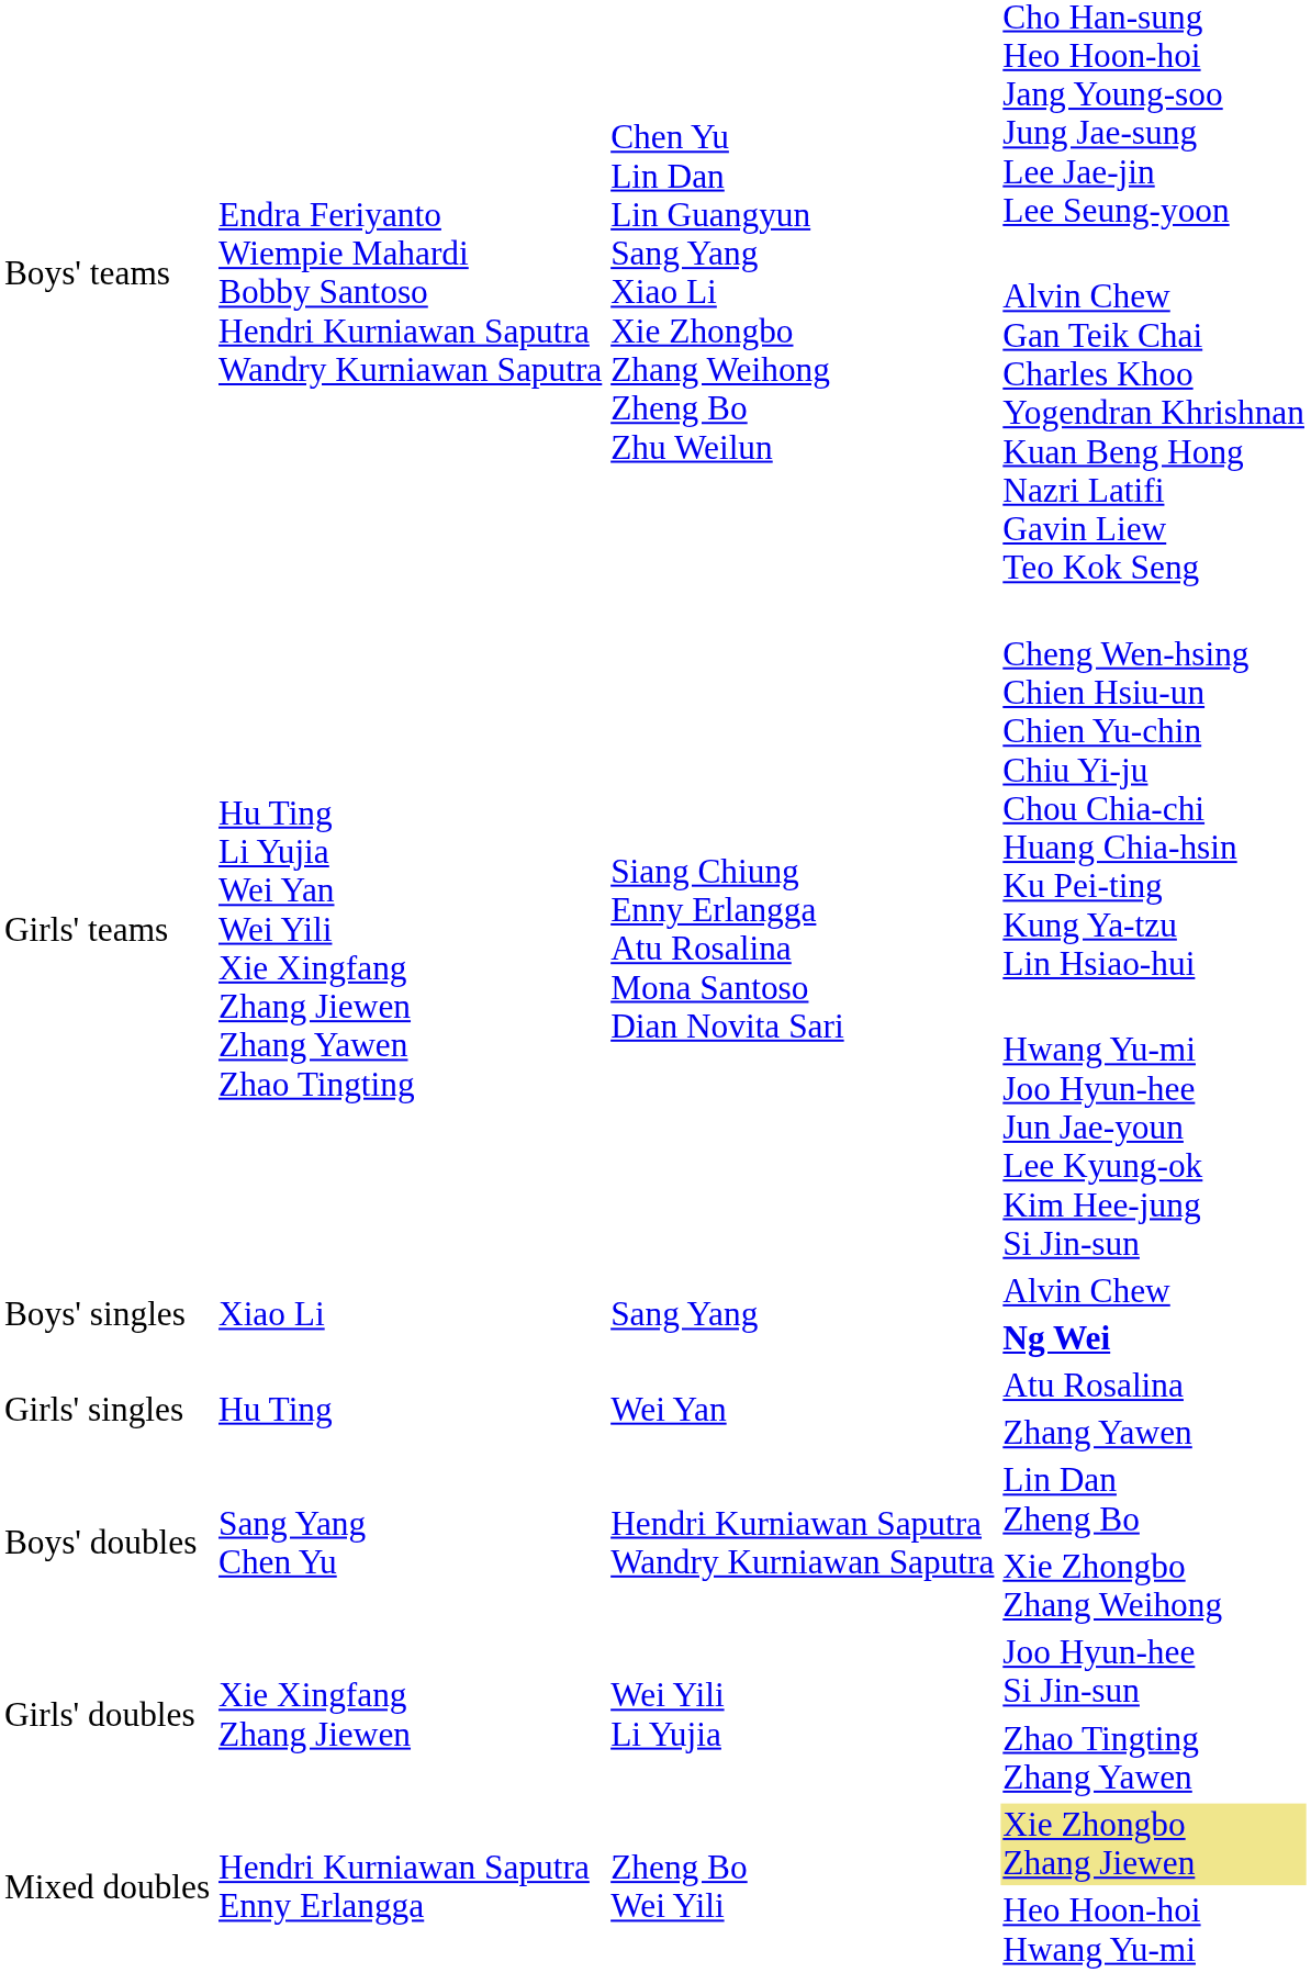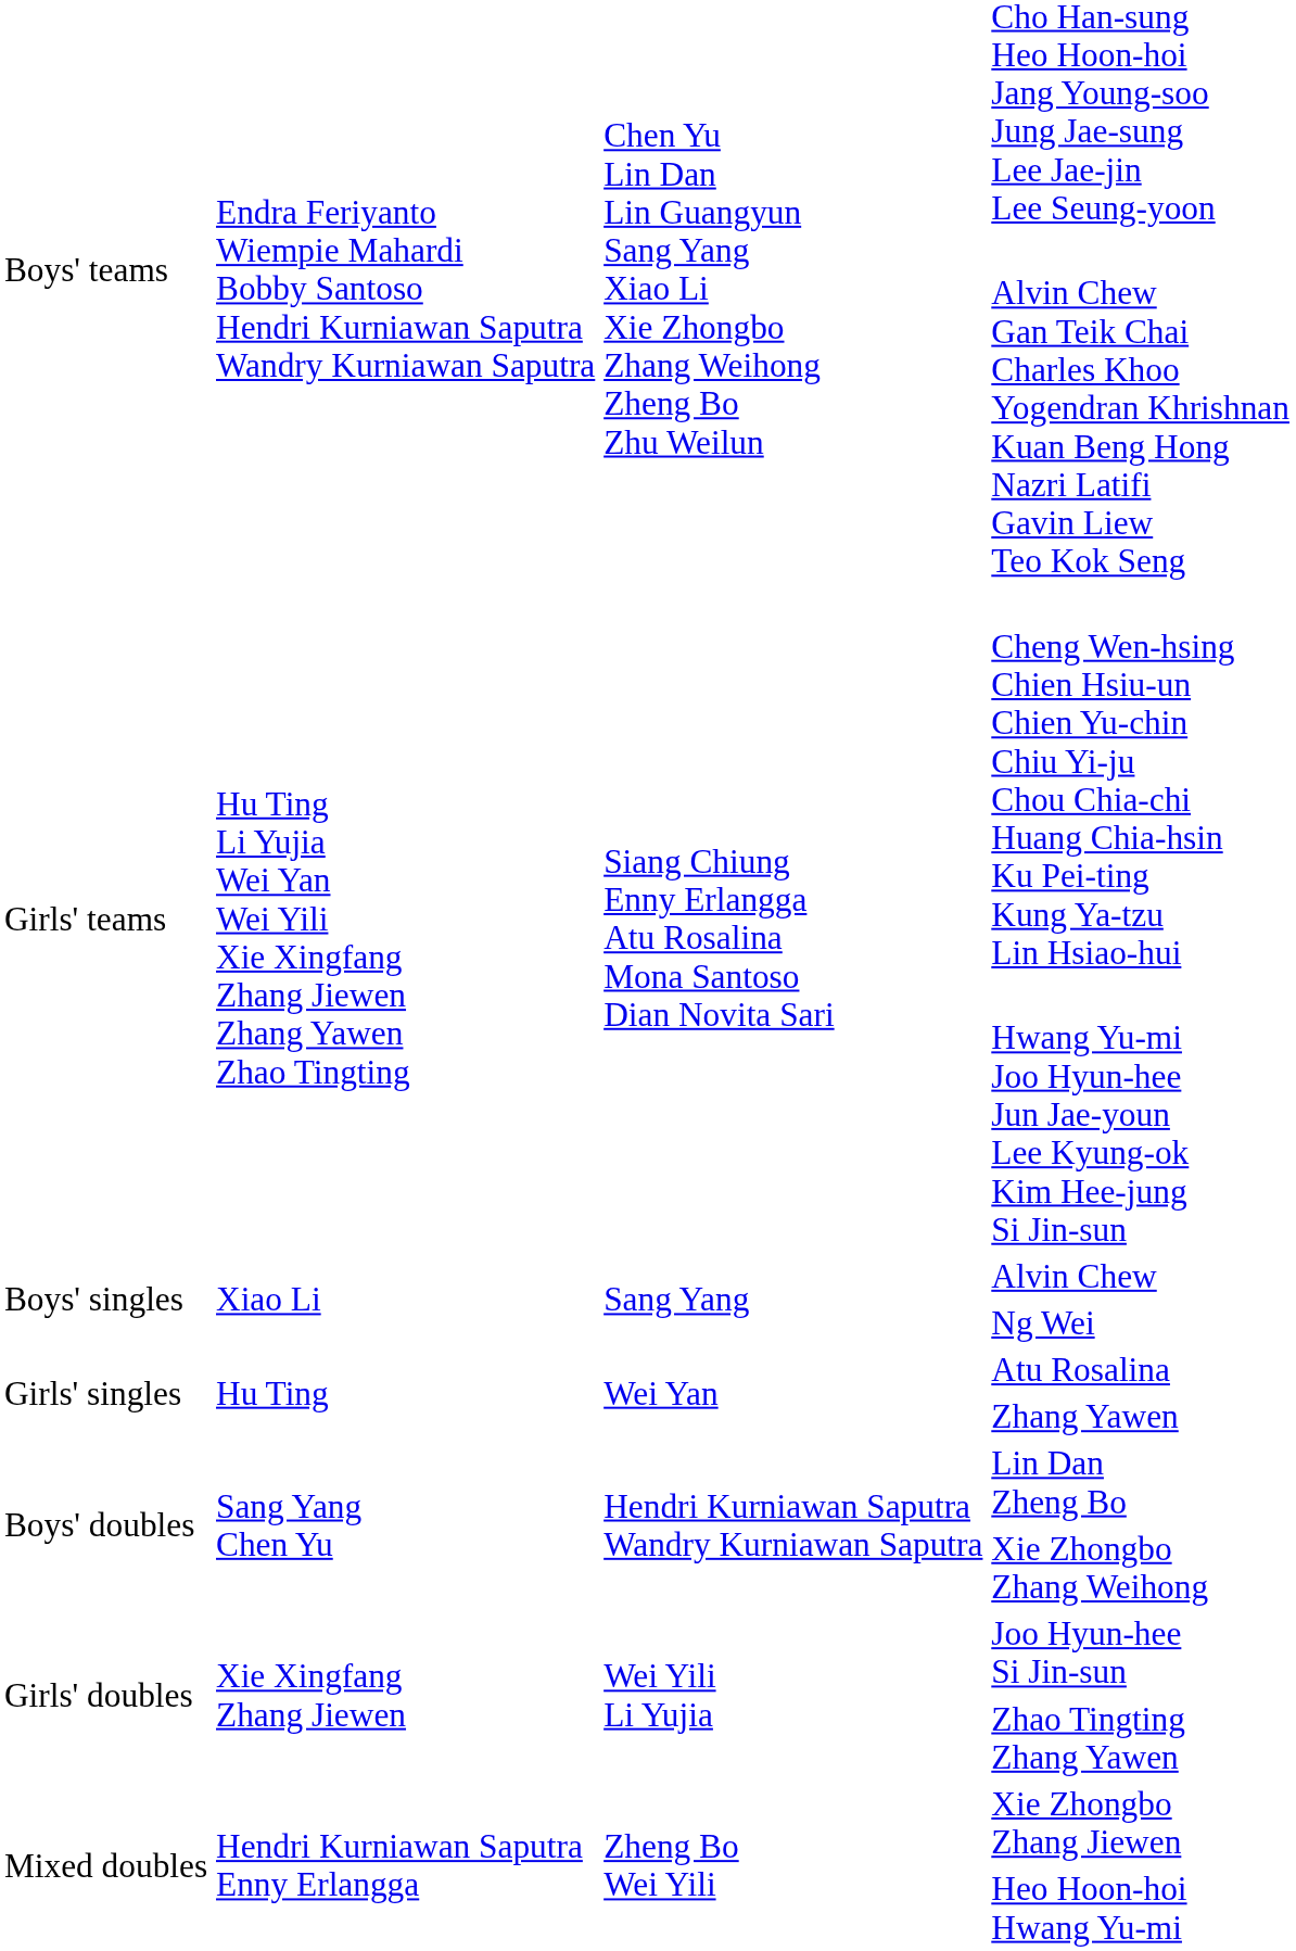 <table>
 <tr>
 <td rowspan=2>Boys' teams<br></td>
 <td rowspan=2><br><a href='#'>Endra Feriyanto</a><br><a href='#'>Wiempie Mahardi</a><br><a href='#'>Bobby Santoso</a><br><a href='#'>Hendri Kurniawan Saputra</a><br><a href='#'>Wandry Kurniawan Saputra</a></td>
 <td rowspan=2><br><a href='#'>Chen Yu</a><br><a href='#'>Lin Dan</a><br><a href='#'>Lin Guangyun</a><br><a href='#'>Sang Yang</a><br><a href='#'>Xiao Li</a><br><a href='#'>Xie Zhongbo</a><br><a href='#'>Zhang Weihong</a><br><a href='#'>Zheng Bo</a><br><a href='#'>Zhu Weilun</a></td>
 <td><br><a href='#'>Cho Han-sung</a><br><a href='#'>Heo Hoon-hoi</a><br><a href='#'>Jang Young-soo</a><br><a href='#'>Jung Jae-sung</a><br><a href='#'>Lee Jae-jin</a><br><a href='#'>Lee Seung-yoon</a></td>
 </tr>
 <tr>
 <td><br><a href='#'>Alvin Chew</a><br><a href='#'>Gan Teik Chai</a><br><a href='#'>Charles Khoo</a><br><a href='#'>Yogendran Khrishnan</a><br><a href='#'>Kuan Beng Hong</a><br><a href='#'>Nazri Latifi</a><br><a href='#'>Gavin Liew</a><br><a href='#'>Teo Kok Seng</a></td>
 </tr>
 <tr>
 <td rowspan=2>Girls' teams<br></td>
 <td rowspan=2><br><a href='#'>Hu Ting</a><br><a href='#'>Li Yujia</a><br><a href='#'>Wei Yan</a><br><a href='#'>Wei Yili</a><br><a href='#'>Xie Xingfang</a><br><a href='#'>Zhang Jiewen</a><br><a href='#'>Zhang Yawen</a><br><a href='#'>Zhao Tingting</a></td>
 <td rowspan=2><br><a href='#'>Siang Chiung</a><br><a href='#'>Enny Erlangga</a><br><a href='#'>Atu Rosalina</a><br><a href='#'>Mona Santoso</a><br><a href='#'>Dian Novita Sari</a></td>
 <td><br><a href='#'>Cheng Wen-hsing</a><br><a href='#'>Chien Hsiu-un</a><br><a href='#'>Chien Yu-chin</a><br><a href='#'>Chiu Yi-ju</a><br><a href='#'>Chou Chia-chi</a><br><a href='#'>Huang Chia-hsin</a><br><a href='#'>Ku Pei-ting</a><br><a href='#'>Kung Ya-tzu</a><br><a href='#'>Lin Hsiao-hui</a></td>
 </tr>
 <tr>
 <td><br><a href='#'>Hwang Yu-mi</a><br><a href='#'>Joo Hyun-hee</a><br><a href='#'>Jun Jae-youn</a><br><a href='#'>Lee Kyung-ok</a><br><a href='#'>Kim Hee-jung</a><br><a href='#'>Si Jin-sun</a></td>
 </tr>
 <tr>
 <td rowspan=2>Boys' singles</td>
 <td rowspan=2> <a href='#'>Xiao Li</a></td>
 <td rowspan=2> <a href='#'>Sang Yang</a></td>
 <td> <a href='#'>Alvin Chew</a></td>
 </tr>
 <tr>
-<td><strong> <a href='#'>Ng Wei</a></strong></td>
+<td> <a href='#'>Ng Wei</a></td>
 </tr>
 <tr>
 <td rowspan=2>Girls' singles</td>
 <td rowspan=2> <a href='#'>Hu Ting</a></td>
 <td rowspan=2> <a href='#'>Wei Yan</a></td>
 <td> <a href='#'>Atu Rosalina</a></td>
 </tr>
 <tr>
 <td> <a href='#'>Zhang Yawen</a></td>
 </tr>
 <tr>
 <td rowspan=2>Boys' doubles</td>
 <td rowspan=2> <a href='#'>Sang Yang</a><br> <a href='#'>Chen Yu</a></td>
 <td rowspan=2> <a href='#'>Hendri Kurniawan Saputra</a><br> <a href='#'>Wandry Kurniawan Saputra</a></td>
 <td> <a href='#'>Lin Dan</a><br> <a href='#'>Zheng Bo</a></td>
 </tr>
 <tr>
 <td> <a href='#'>Xie Zhongbo</a><br> <a href='#'>Zhang Weihong</a></td>
 </tr>
 <tr>
 <td rowspan=2>Girls' doubles</td>
 <td rowspan=2> <a href='#'>Xie Xingfang</a><br> <a href='#'>Zhang Jiewen</a></td>
 <td rowspan=2> <a href='#'>Wei Yili</a><br> <a href='#'>Li Yujia</a></td>
 <td> <a href='#'>Joo Hyun-hee</a><br> <a href='#'>Si Jin-sun</a></td>
 </tr>
 <tr>
 <td> <a href='#'>Zhao Tingting</a><br> <a href='#'>Zhang Yawen</a></td>
 </tr>
 <tr>
 <td rowspan=2>Mixed doubles</td>
 <td rowspan=2> <a href='#'>Hendri Kurniawan Saputra</a><br> <a href='#'>Enny Erlangga</a></td>
 <td rowspan=2> <a href='#'>Zheng Bo</a><br> <a href='#'>Wei Yili</a></td>
-<td style="background: khaki;"> <a href='#'>Xie Zhongbo</a><br> <a href='#'>Zhang Jiewen</a></td>
+<td> <a href='#'>Xie Zhongbo</a><br> <a href='#'>Zhang Jiewen</a></td>
 </tr>
 <tr>
 <td> <a href='#'>Heo Hoon-hoi</a><br> <a href='#'>Hwang Yu-mi</a></td>
 </tr>
 </table>
